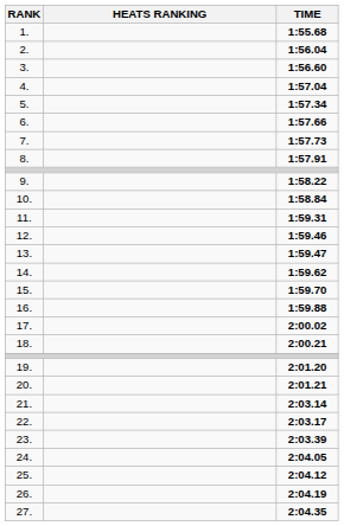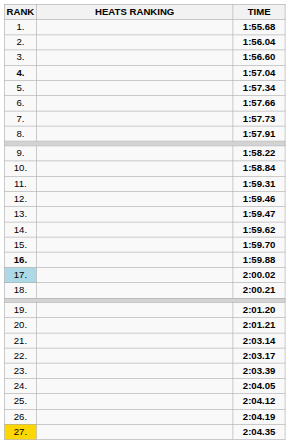 <table class="wikitable">
 <tr>
 <th>RANK</th>
 <th style="width: 20em">HEATS RANKING</th>
 <th style="width: 5em">TIME</th>
 </tr>
 <tr>
 <td align="center">1.</td>
 <td></td>
 <td align="center"><strong>1:55.68</strong></td>
 </tr>
 <tr>
 <td align="center">2.</td>
 <td></td>
 <td align="center"><strong>1:56.04</strong></td>
 </tr>
 <tr>
 <td align="center">3.</td>
 <td></td>
 <td align="center"><strong>1:56.60</strong></td>
 </tr>
 <tr>
-<td align="center">4.</td>
+<td align="center"><strong>4.</strong></td>
 <td></td>
 <td align="center"><strong>1:57.04</strong></td>
 </tr>
 <tr>
 <td align="center">5.</td>
 <td></td>
 <td align="center"><strong>1:57.34</strong></td>
 </tr>
 <tr>
 <td align="center">6.</td>
 <td></td>
 <td align="center"><strong>1:57.66</strong></td>
 </tr>
 <tr>
 <td align="center">7.</td>
 <td></td>
 <td align="center"><strong>1:57.73</strong></td>
 </tr>
 <tr>
 <td align="center">8.</td>
 <td></td>
 <td align="center"><strong>1:57.91</strong></td>
 </tr>
 <tr>
 <td colspan=3 bgcolor=lightgray></td>
 </tr>
 <tr>
 <td align="center">9.</td>
 <td> </td>
 <td align="center"><strong>1:58.22</strong></td>
 </tr>
 <tr>
 <td align="center">10.</td>
 <td></td>
 <td align="center"><strong>1:58.84</strong></td>
 </tr>
 <tr>
 <td align="center">11.</td>
 <td> </td>
 <td align="center"><strong>1:59.31</strong></td>
 </tr>
 <tr>
 <td align="center">12.</td>
 <td></td>
 <td align="center"><strong>1:59.46</strong></td>
 </tr>
 <tr>
 <td align="center">13.</td>
 <td></td>
 <td align="center"><strong>1:59.47</strong></td>
 </tr>
 <tr>
 <td align="center">14.</td>
 <td></td>
 <td align="center"><strong>1:59.62</strong></td>
 </tr>
 <tr>
 <td align="center">15.</td>
 <td></td>
 <td align="center"><strong>1:59.70</strong></td>
 </tr>
 <tr>
-<td align="center">16.</td>
+<td align="center"><strong>16.</strong></td>
 <td></td>
 <td align="center"><strong>1:59.88</strong></td>
 </tr>
 <tr>
-<td align="center">17.</td>
+<td align="center" style="background: lightblue;">17.</td>
 <td></td>
 <td align="center"><strong>2:00.02</strong></td>
 </tr>
 <tr>
 <td align="center">18.</td>
 <td></td>
 <td align="center"><strong>2:00.21</strong></td>
 </tr>
 <tr>
 <td colspan=3 bgcolor=lightgray></td>
 </tr>
 <tr>
 <td align="center">19.</td>
 <td></td>
 <td align="center"><strong>2:01.20</strong></td>
 </tr>
 <tr>
 <td align="center">20.</td>
 <td></td>
 <td align="center"><strong>2:01.21</strong></td>
 </tr>
 <tr>
 <td align="center">21.</td>
 <td></td>
 <td align="center"><strong>2:03.14</strong></td>
 </tr>
 <tr>
 <td align="center">22.</td>
 <td></td>
 <td align="center"><strong>2:03.17</strong></td>
 </tr>
 <tr>
 <td align="center">23.</td>
 <td></td>
 <td align="center"><strong>2:03.39</strong></td>
 </tr>
 <tr>
 <td align="center">24.</td>
 <td></td>
 <td align="center"><strong>2:04.05</strong></td>
 </tr>
 <tr>
 <td align="center">25.</td>
 <td></td>
 <td align="center"><strong>2:04.12</strong></td>
 </tr>
 <tr>
 <td align="center">26.</td>
 <td></td>
 <td align="center"><strong>2:04.19</strong></td>
 </tr>
 <tr>
-<td align="center">27.</td>
+<td align="center" style="background: gold;">27.</td>
 <td></td>
 <td align="center"><strong>2:04.35</strong></td>
 </tr>
 </table>
